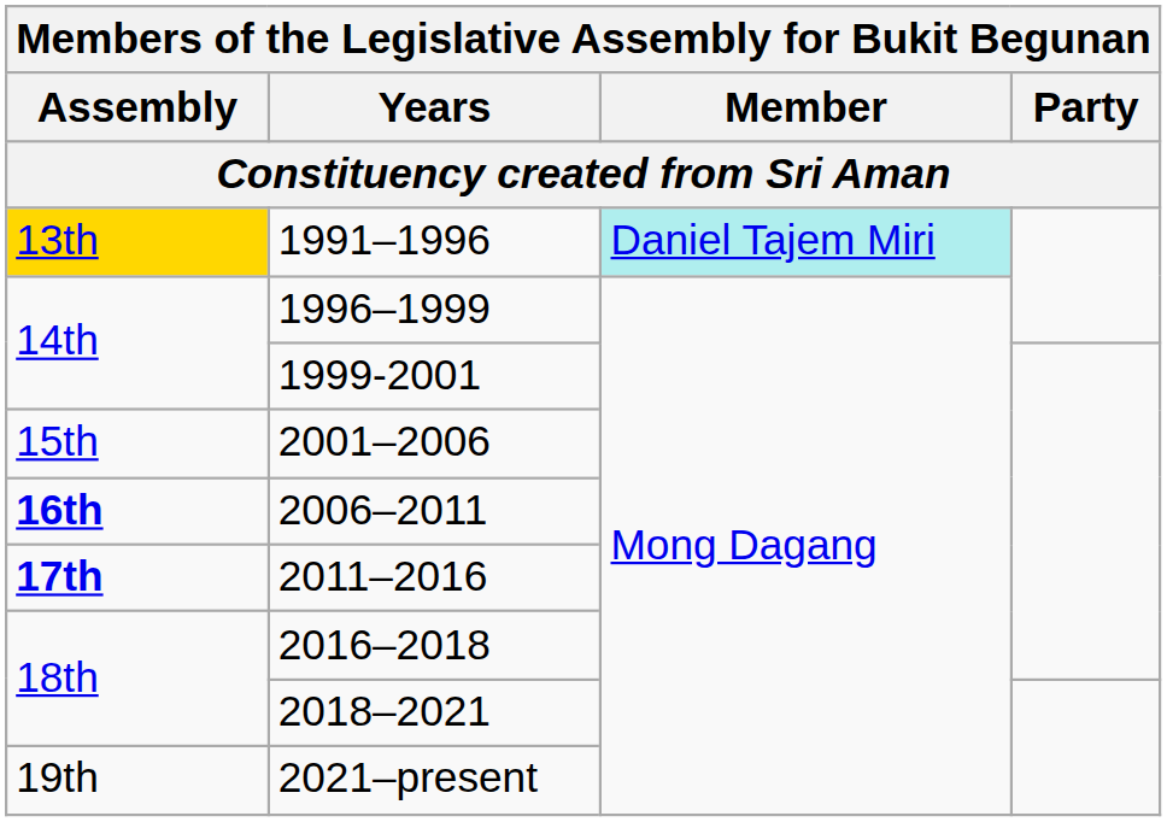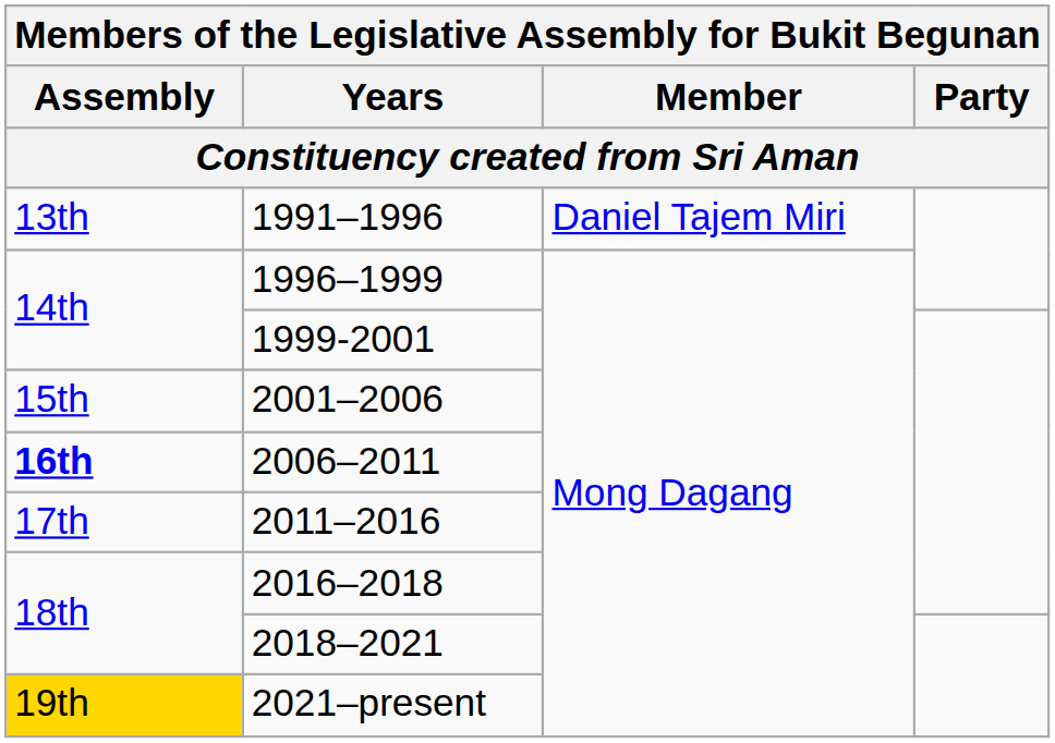 <table class=wikitable>
 <tr>
 <th colspan="4">Members of the Legislative Assembly for Bukit Begunan</th>
 </tr>
 <tr>
 <th>Assembly</th>
 <th>Years</th>
 <th>Member</th>
 <th>Party</th>
 </tr>
 <tr>
 <th colspan=4 align=center><em>Constituency created from Sri Aman</em></th>
 </tr>
 <tr>
-<td style="background: gold;"><a href='#'>13th</a></td>
+<td><a href='#'>13th</a></td>
 <td>1991–1996</td>
-<td style="background: paleturquoise;"><a href='#'>Daniel Tajem Miri</a></td>
+<td><a href='#'>Daniel Tajem Miri</a></td>
 <td rowspan=2></td>
 </tr>
 <tr>
 <td rowspan=2><a href='#'>14th</a></td>
 <td>1996–1999</td>
 <td rowspan="8"><a href='#'>Mong Dagang</a></td>
 </tr>
 <tr>
 <td>1999-2001</td>
 <td rowspan=5></td>
 </tr>
 <tr>
 <td><a href='#'>15th</a></td>
 <td>2001–2006</td>
 </tr>
 <tr>
 <td><strong><a href='#'>16th</a></strong></td>
 <td>2006–2011</td>
 </tr>
 <tr>
-<td><strong><a href='#'>17th</a></strong></td>
+<td><a href='#'>17th</a></td>
 <td>2011–2016</td>
 </tr>
 <tr>
 <td rowspan="2"><a href='#'>18th</a></td>
 <td>2016–2018</td>
 </tr>
 <tr>
 <td>2018–2021</td>
 <td rowspan="2"></td>
 </tr>
 <tr>
-<td>19th</td>
+<td style="background: gold;">19th</td>
 <td>2021–present</td>
 </tr>
 </table>
